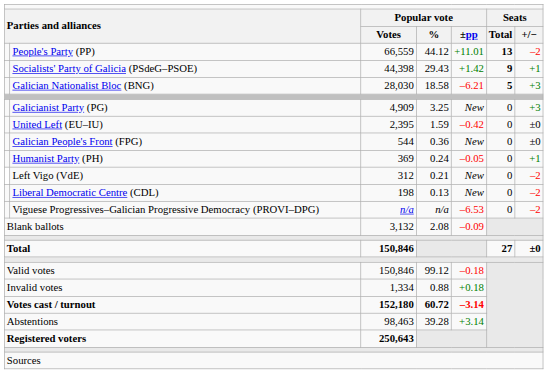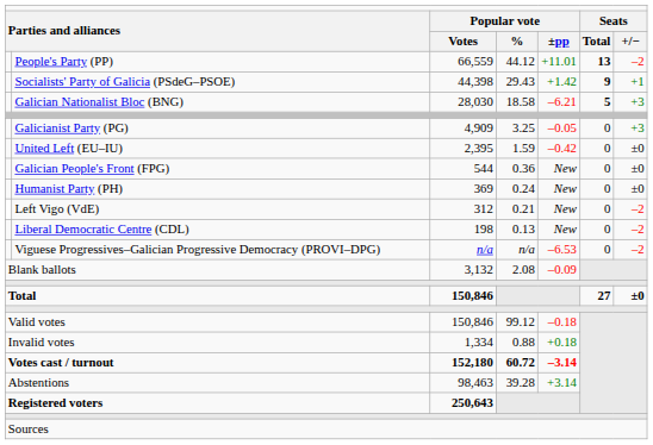 <table class="wikitable" style="text-align:right;">
 <tr>
 <td colspan="7"></td>
 </tr>
 <tr>
 <th style="text-align:left;" rowspan="2" colspan="2" width="525">Parties and alliances</th>
 <th colspan="3">Popular vote</th>
 <th colspan="2">Seats</th>
 </tr>
 <tr>
 <th width="75">Votes</th>
 <th width="45">%</th>
 <th width="45">±<a href='#'>pp</a></th>
 <th width="35">Total</th>
 <th width="35">+/−</th>
 </tr>
 <tr>
 <td width="1" style="color:inherit;background:"></td>
 <td align="left"><a href='#'>People's Party</a> (PP)</td>
 <td>66,559</td>
 <td>44.12</td>
 <td style="color:green;">+11.01</td>
 <td><strong>13</strong></td>
 <td style="color:red;">–2</td>
 </tr>
 <tr>
 <td style="color:inherit;background:"></td>
 <td align="left"><a href='#'>Socialists' Party of Galicia</a> (PSdeG–PSOE)</td>
 <td>44,398</td>
 <td>29.43</td>
 <td style="color:green;">+1.42</td>
 <td><strong>9</strong></td>
 <td style="color:green;">+1</td>
 </tr>
 <tr>
 <td style="color:inherit;background:"></td>
 <td align="left"><a href='#'>Galician Nationalist Bloc</a> (BNG)</td>
 <td>28,030</td>
 <td>18.58</td>
 <td style="color:red;">–6.21</td>
 <td><strong>5</strong></td>
 <td style="color:green;">+3</td>
 </tr>
 <tr>
 <td colspan="7" bgcolor="#C0C0C0"></td>
 </tr>
 <tr>
 <td style="color:inherit;background:"></td>
 <td align="left"><a href='#'>Galicianist Party</a> (PG)</td>
 <td>4,909</td>
 <td>3.25</td>
-<td><em>New</em></td>
+<td style="color:red;">–0.05</td>
 <td>0</td>
 <td style="color:green;">+3</td>
 </tr>
 <tr>
 <td style="color:inherit;background:"></td>
 <td align="left"><a href='#'>United Left</a> (EU–IU)</td>
 <td>2,395</td>
 <td>1.59</td>
 <td style="color:red;">–0.42</td>
 <td>0</td>
 <td>±0</td>
 </tr>
 <tr>
 <td style="color:inherit;background:"></td>
 <td align="left"><a href='#'>Galician People's Front</a> (FPG)</td>
 <td>544</td>
 <td>0.36</td>
 <td><em>New</em></td>
 <td>0</td>
 <td>±0</td>
 </tr>
 <tr>
 <td style="color:inherit;background:"></td>
 <td align="left"><a href='#'>Humanist Party</a> (PH)</td>
 <td>369</td>
 <td>0.24</td>
-<td style="color:red;">–0.05</td>
+<td><em>New</em></td>
 <td>0</td>
-<td style="color:green;">+1</td>
+<td>±0</td>
 </tr>
 <tr>
 <td bgcolor="white"></td>
 <td align="left">Left Vigo (VdE)</td>
 <td>312</td>
 <td>0.21</td>
 <td><em>New</em></td>
 <td>0</td>
 <td style="color:red;">–2</td>
 </tr>
 <tr>
 <td style="color:inherit;background:"></td>
 <td align="left"><a href='#'>Liberal Democratic Centre</a> (CDL)</td>
 <td>198</td>
 <td>0.13</td>
 <td><em>New</em></td>
 <td>0</td>
 <td style="color:red;">–2</td>
 </tr>
 <tr>
 <td style="color:inherit;background:"></td>
 <td align="left">Viguese Progressives–Galician Progressive Democracy (PROVI–DPG)</td>
 <td><em><a href='#'>n/a</a></em></td>
 <td><em>n/a</em></td>
 <td style="color:red;">–6.53</td>
 <td>0</td>
 <td style="color:red;">–2</td>
 </tr>
 <tr>
 <td align="left" colspan="2">Blank ballots</td>
 <td>3,132</td>
 <td>2.08</td>
 <td style="color:red;">–0.09</td>
 <td bgcolor="#E9E9E9" colspan="2"></td>
 </tr>
 <tr>
 <td colspan="7" bgcolor="#E9E9E9"></td>
 </tr>
 <tr style="font-weight:bold;">
 <td align="left" colspan="2">Total</td>
 <td>150,846</td>
 <td bgcolor="#E9E9E9" colspan="2"></td>
 <td>27</td>
 <td>±0</td>
 </tr>
 <tr>
 <td colspan="7" bgcolor="#E9E9E9"></td>
 </tr>
 <tr>
 <td align="left" colspan="2">Valid votes</td>
 <td>150,846</td>
 <td>99.12</td>
 <td style="color:red;">–0.18</td>
 <td bgcolor="#E9E9E9" colspan="2" rowspan="5"></td>
 </tr>
 <tr>
 <td align="left" colspan="2">Invalid votes</td>
 <td>1,334</td>
 <td>0.88</td>
 <td style="color:green;">+0.18</td>
 </tr>
 <tr style="font-weight:bold;">
 <td align="left" colspan="2">Votes cast / turnout</td>
 <td>152,180</td>
 <td>60.72</td>
 <td style="color:red;">–3.14</td>
 </tr>
 <tr>
 <td align="left" colspan="2">Abstentions</td>
 <td>98,463</td>
 <td>39.28</td>
 <td style="color:green;">+3.14</td>
 </tr>
 <tr style="font-weight:bold;">
 <td align="left" colspan="2">Registered voters</td>
 <td>250,643</td>
 <td bgcolor="#E9E9E9" colspan="2"></td>
 </tr>
 <tr>
 <td colspan="7" bgcolor="#E9E9E9"></td>
 </tr>
 <tr>
 <td align="left" colspan="7">Sources</td>
 </tr>
 </table>
